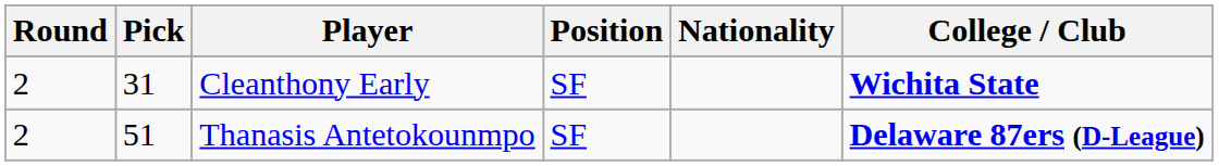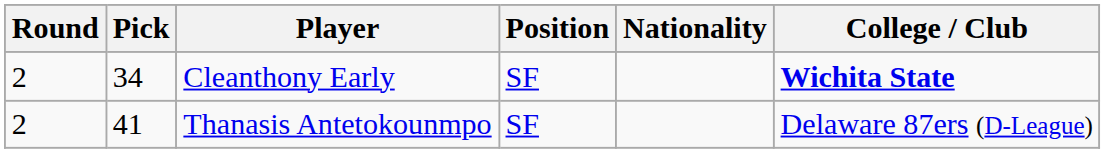 <table class="wikitable sortable sortable">
 <tr>
 <th>Round</th>
 <th>Pick</th>
 <th>Player</th>
 <th>Position</th>
 <th>Nationality</th>
 <th>College / Club</th>
 </tr>
 <tr style="text-align: left">
 <td>2</td>
-<td>31</td>
+<td>34</td>
 <td><a href='#'>Cleanthony Early</a></td>
 <td><a href='#'>SF</a></td>
 <td></td>
 <td><strong><a href='#'>Wichita State</a></strong></td>
 </tr>
 <tr style="text-align: left">
 <td>2</td>
-<td>51</td>
+<td>41</td>
 <td><a href='#'>Thanasis Antetokounmpo</a></td>
 <td><a href='#'>SF</a></td>
 <td></td>
-<td><strong><a href='#'>Delaware 87ers</a> <small>(<a href='#'>D-League</a>)</small></strong></td>
+<td><a href='#'>Delaware 87ers</a> <small>(<a href='#'>D-League</a>)</small></td>
 </tr>
 </table>
